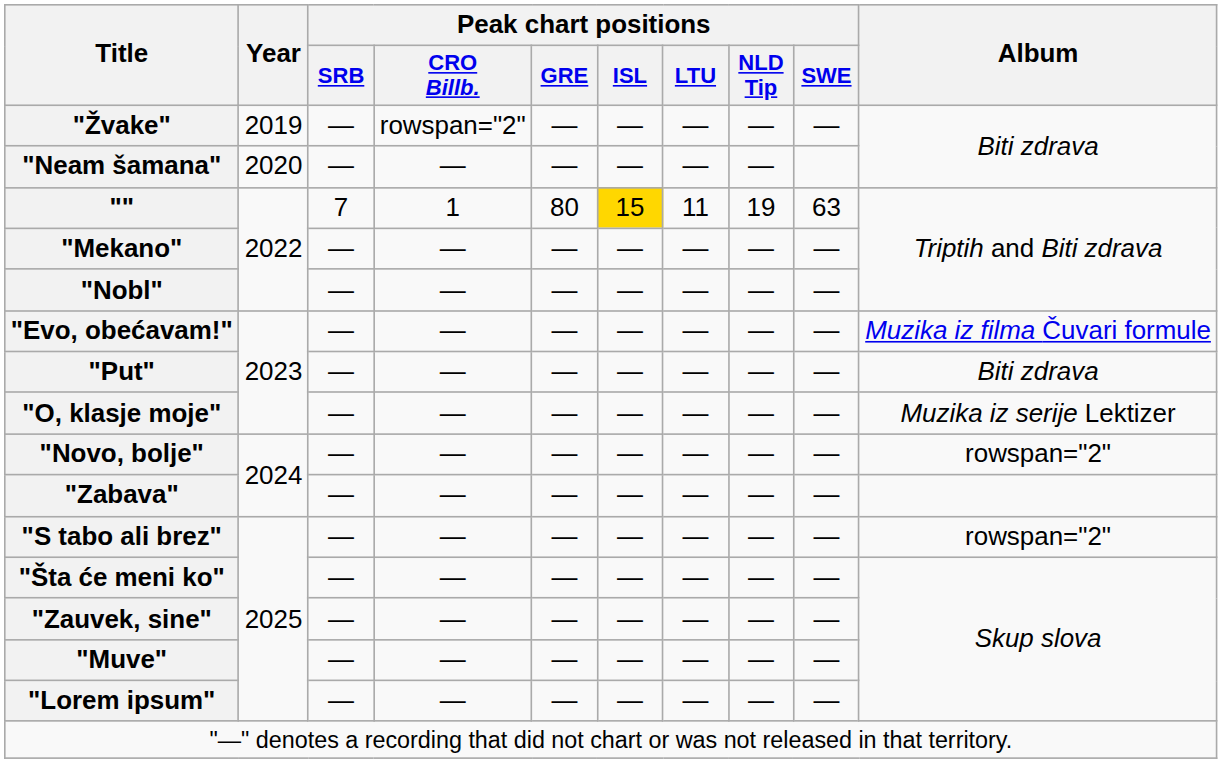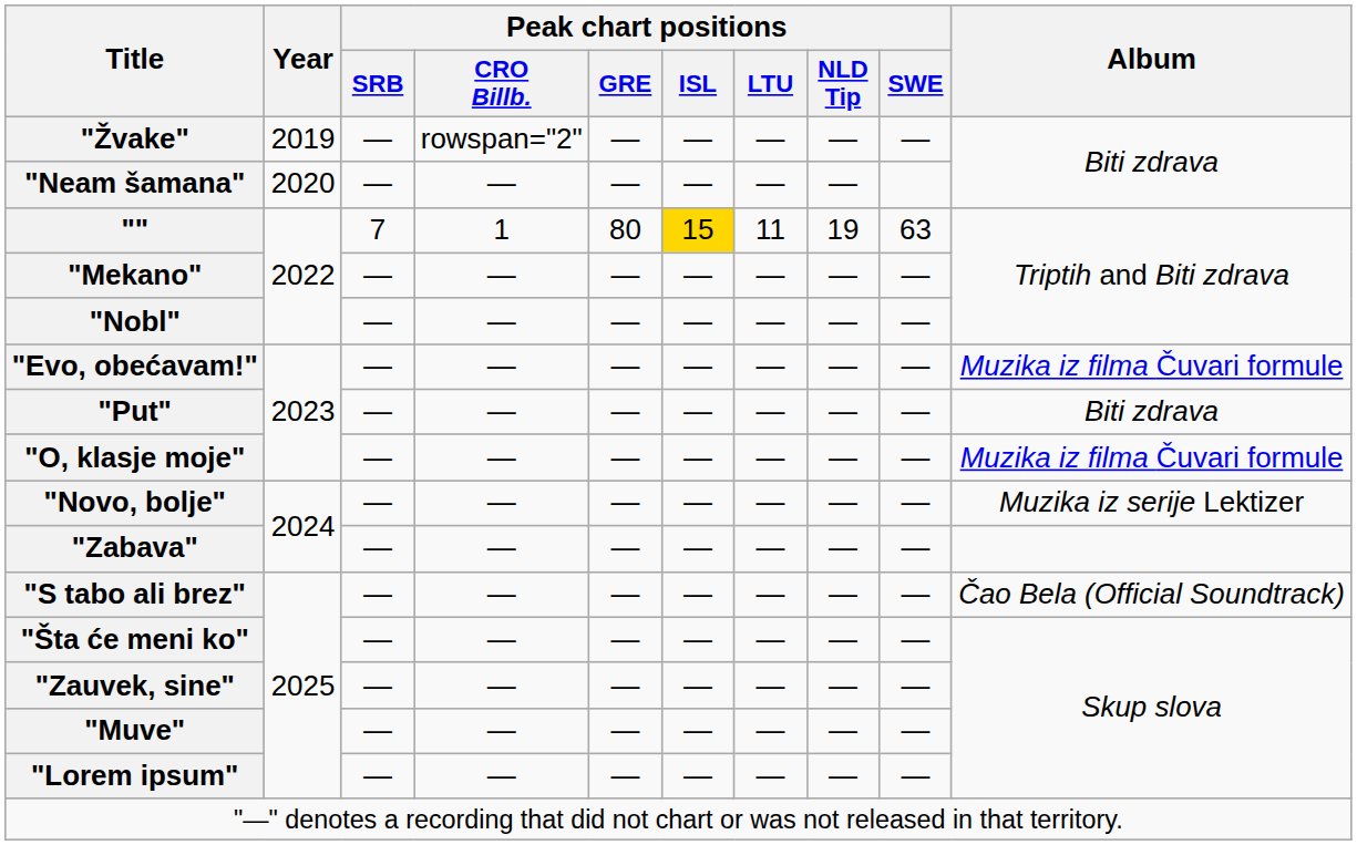 <table class="wikitable plainrowheaders" style="text-align:center;">
 <tr>
 <th scope="col" rowspan="2">Title</th>
 <th scope="col" rowspan="2">Year</th>
 <th scope="col" colspan="7">Peak chart positions</th>
 <th scope="col" rowspan="2">Album</th>
 </tr>
 <tr>
 <th style="width:2.5em; font-size:85%"><a href='#'>SRB</a><br></th>
 <th style="width:2.5em; font-size:85%"><a href='#'>CRO<br><em>Billb.</em></a><br></th>
 <th style="width:2.5em; font-size:85%"><a href='#'>GRE</a><br></th>
 <th style="width:2.5em; font-size:85%"><a href='#'>ISL</a><br></th>
 <th style="width:2.5em; font-size:85%"><a href='#'>LTU</a><br></th>
 <th style="width:2.5em; font-size:85%"><a href='#'>NLD<br>Tip</a><br></th>
 <th style="width:2.5em; font-size:85%"><a href='#'>SWE</a><br></th>
 </tr>
 <tr>
 <th scope="row">"Žvake"</th>
 <td>2019</td>
 <td>—</td>
 <td>rowspan="2" </td>
 <td>—</td>
 <td>—</td>
 <td>—</td>
 <td>—</td>
 <td>—</td>
 <td rowspan="2"><em>Biti zdrava</em></td>
 </tr>
 <tr>
 <th scope="row">"Neam šamana"</th>
 <td>2020</td>
 <td>—</td>
 <td>—</td>
 <td>—</td>
 <td>—</td>
 <td>—</td>
 <td>—</td>
 </tr>
 <tr>
 <th scope="row">""</th>
 <td rowspan="3">2022</td>
 <td>7</td>
 <td>1</td>
 <td>80</td>
 <td style="background: gold;">15</td>
 <td>11</td>
 <td>19</td>
 <td>63</td>
 <td rowspan="3"><em>Triptih</em> and <em>Biti zdrava</em></td>
 </tr>
 <tr>
 <th scope="row">"Mekano"</th>
 <td>—</td>
 <td>—</td>
 <td>—</td>
 <td>—</td>
 <td>—</td>
 <td>—</td>
 <td>—</td>
 </tr>
 <tr>
 <th scope="row">"Nobl"</th>
 <td>—</td>
 <td>—</td>
 <td>—</td>
 <td>—</td>
 <td>—</td>
 <td>—</td>
 <td>—</td>
 </tr>
 <tr>
 <th scope="row">"Evo, obećavam!"</th>
 <td rowspan="3">2023</td>
 <td>—</td>
 <td>—</td>
 <td>—</td>
 <td>—</td>
 <td>—</td>
 <td>—</td>
 <td>—</td>
 <td rowspan="1"><a href='#'><em>Muzika iz filma </em>Čuvari formule</a></td>
 </tr>
 <tr>
 <th scope="row">"Put"<br></th>
 <td>—</td>
 <td>—</td>
 <td>—</td>
 <td>—</td>
 <td>—</td>
 <td>—</td>
 <td>—</td>
 <td rowspan="1"><em>Biti zdrava</em></td>
 </tr>
 <tr>
 <th scope="row">"O, klasje moje"<br></th>
 <td>—</td>
 <td>—</td>
 <td>—</td>
 <td>—</td>
 <td>—</td>
 <td>—</td>
 <td>—</td>
-<td rowspan="1"><em>Muzika iz serije </em>Lektizer</td>
+<td rowspan="1"><a href='#'><em>Muzika iz filma </em>Čuvari formule</a></td>
 </tr>
 <tr>
 <th scope="row">"Novo, bolje"</th>
 <td rowspan="2">2024</td>
 <td>—</td>
 <td>—</td>
 <td>—</td>
 <td>—</td>
 <td>—</td>
 <td>—</td>
 <td>—</td>
-<td>rowspan="2" </td>
+<td rowspan="1"><em>Muzika iz serije </em>Lektizer</td>
 </tr>
 <tr>
 <th scope="row">"Zabava"</th>
 <td>—</td>
 <td>—</td>
 <td>—</td>
 <td>—</td>
 <td>—</td>
 <td>—</td>
 <td>—</td>
 </tr>
 <tr>
 <th scope="row">"S tabo ali brez"<br></th>
 <td rowspan="5">2025</td>
 <td>—</td>
 <td>—</td>
 <td>—</td>
 <td>—</td>
 <td>—</td>
 <td>—</td>
 <td>—</td>
-<td>rowspan="2" </td>
+<td><em>Čao Bela (Official Soundtrack)</em></td>
 </tr>
 <tr>
 <th scope="row">"Šta će meni ko"</th>
 <td>—</td>
 <td>—</td>
 <td>—</td>
 <td>—</td>
 <td>—</td>
 <td>—</td>
 <td>—</td>
 <td rowspan="4"><em>Skup slova</em></td>
 </tr>
 <tr>
 <th scope="row">"Zauvek, sine"</th>
 <td>—</td>
 <td>—</td>
 <td>—</td>
 <td>—</td>
 <td>—</td>
 <td>—</td>
 <td>—</td>
 </tr>
 <tr>
 <th scope="row">"Muve"</th>
 <td>—</td>
 <td>—</td>
 <td>—</td>
 <td>—</td>
 <td>—</td>
 <td>—</td>
 <td>—</td>
 </tr>
 <tr>
 <th scope="row">"Lorem ipsum"</th>
 <td>—</td>
 <td>—</td>
 <td>—</td>
 <td>—</td>
 <td>—</td>
 <td>—</td>
 <td>—</td>
 </tr>
 <tr>
 <td colspan="12" style="font-size:90%">"—" denotes a recording that did not chart or was not released in that territory.</td>
 </tr>
 </table>
